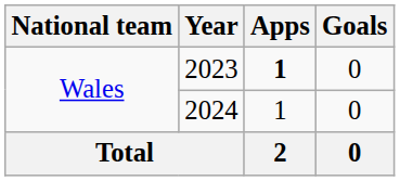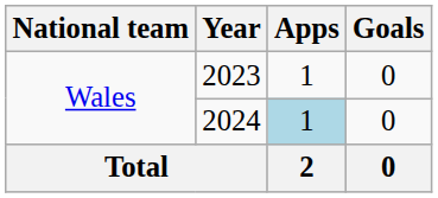 <table class="wikitable" style="text-align: center;">
 <tr>
 <th>National team</th>
 <th>Year</th>
 <th>Apps</th>
 <th>Goals</th>
 </tr>
 <tr>
 <td rowspan="2"><a href='#'>Wales</a></td>
 <td>2023</td>
-<td><strong>1</strong></td>
+<td>1</td>
 <td>0</td>
 </tr>
 <tr>
 <td>2024</td>
-<td>1</td>
+<td style="background: lightblue;">1</td>
 <td>0</td>
 </tr>
 <tr>
 <th colspan="2">Total</th>
 <th>2</th>
 <th>0</th>
 </tr>
 </table>
